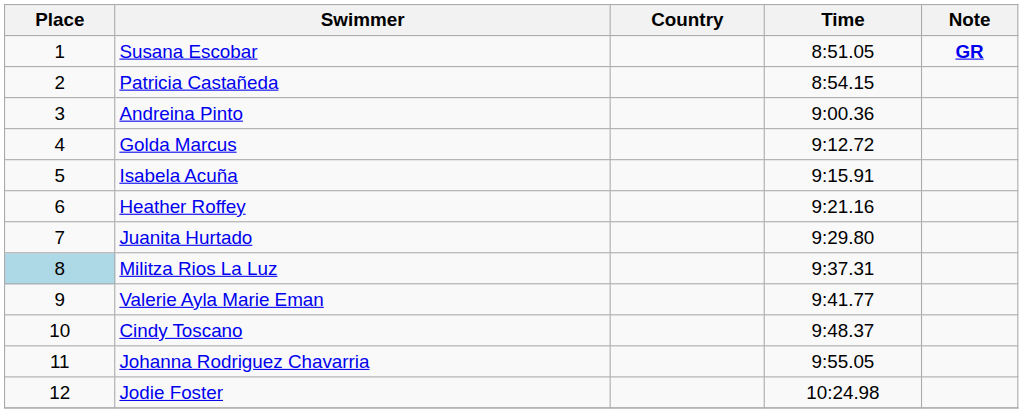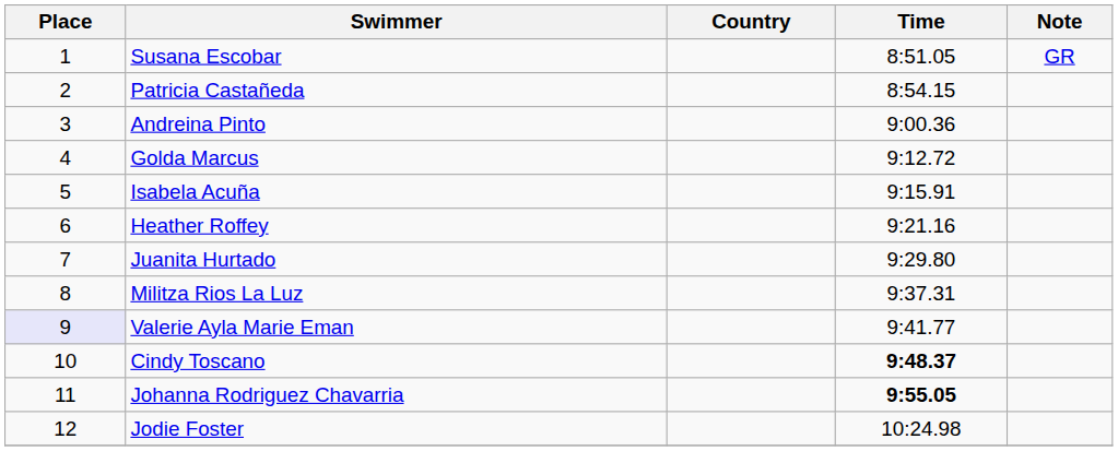 <table class="wikitable" style=" text-align:center; font-size:110%;" width="75%">
 <tr>
 <th>Place</th>
 <th>Swimmer</th>
 <th>Country</th>
 <th>Time</th>
 <th>Note</th>
 </tr>
 <tr>
 <td>1</td>
 <td align=left><a href='#'>Susana Escobar</a></td>
 <td align=left></td>
 <td>8:51.05</td>
-<td><strong><a href='#'>GR</a></strong></td>
+<td><a href='#'>GR</a></td>
 </tr>
 <tr>
 <td>2</td>
 <td align=left><a href='#'>Patricia Castañeda</a></td>
 <td align=left></td>
 <td>8:54.15</td>
 <td></td>
 </tr>
 <tr>
 <td>3</td>
 <td align=left><a href='#'>Andreina Pinto</a></td>
 <td align=left></td>
 <td>9:00.36</td>
 <td></td>
 </tr>
 <tr>
 <td>4</td>
 <td align=left><a href='#'>Golda Marcus</a></td>
 <td align=left></td>
 <td>9:12.72</td>
 <td></td>
 </tr>
 <tr>
 <td>5</td>
 <td align=left><a href='#'>Isabela Acuña</a></td>
 <td align=left></td>
 <td>9:15.91</td>
 <td></td>
 </tr>
 <tr>
 <td>6</td>
 <td align=left><a href='#'>Heather Roffey</a></td>
 <td align=left></td>
 <td>9:21.16</td>
 <td></td>
 </tr>
 <tr>
 <td>7</td>
 <td align=left><a href='#'>Juanita Hurtado</a></td>
 <td align=left></td>
 <td>9:29.80</td>
 <td></td>
 </tr>
 <tr>
-<td style="background: lightblue;">8</td>
+<td>8</td>
 <td align=left><a href='#'>Militza Rios La Luz</a></td>
 <td align=left></td>
 <td>9:37.31</td>
 <td></td>
 </tr>
 <tr>
-<td>9</td>
+<td style="background: lavender;">9</td>
 <td align=left><a href='#'>Valerie Ayla Marie Eman</a></td>
 <td align=left></td>
 <td>9:41.77</td>
 <td></td>
 </tr>
 <tr>
 <td>10</td>
 <td align=left><a href='#'>Cindy Toscano</a></td>
 <td align=left></td>
-<td>9:48.37</td>
+<td><strong>9:48.37</strong></td>
 <td></td>
 </tr>
 <tr>
 <td>11</td>
 <td align=left><a href='#'>Johanna Rodriguez Chavarria</a></td>
 <td align=left></td>
-<td>9:55.05</td>
+<td><strong>9:55.05</strong></td>
 <td></td>
 </tr>
 <tr>
 <td>12</td>
 <td align=left><a href='#'>Jodie Foster</a></td>
 <td align=left></td>
 <td>10:24.98</td>
 <td></td>
 </tr>
 <tr>
 </tr>
 </table>
